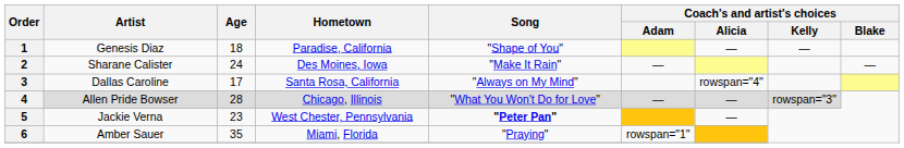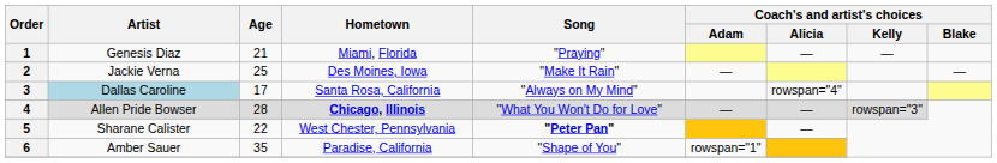 <table class="wikitable" style="text-align:center; line-height:17px; width:100%;">
 <tr>
 <th scope="col" rowspan="2" style="width:04%;">Order</th>
 <th scope="col" rowspan="2" style="width:18%;">Artist</th>
 <th scope="col" rowspan="2" style="width:04%;">Age</th>
 <th scope="col" rowspan="2" style="width:18%;">Hometown</th>
 <th scope="col" rowspan="2" style="width:20%;">Song</th>
 <th scope="col" colspan="4" style="width:24%;">Coach's and artist's choices</th>
 </tr>
 <tr>
 <th style="width:06%;">Adam</th>
 <th style="width:06%;">Alicia</th>
 <th style="width:06%;">Kelly</th>
 <th style="width:06%;">Blake</th>
 </tr>
 <tr>
 <th>1</th>
 <td>Genesis Diaz</td>
-<td>18</td>
-<td><a href='#'>Paradise, California</a></td>
-<td>"<a href='#'>Shape of You</a>"</td>
+<td>21</td>
+<td><a href='#'>Miami</a>, <a href='#'>Florida</a></td>
+<td>"<a href='#'>Praying</a>"</td>
 <td style="background:#fdfc8f;"><strong></strong></td>
 <td>—</td>
 <td>—</td>
 <td><strong></strong></td>
 </tr>
 <tr>
 <th>2</th>
-<td>Sharane Calister</td>
-<td>24</td>
+<td>Jackie Verna</td>
+<td>25</td>
 <td><a href='#'>Des Moines, Iowa</a></td>
 <td>"<a href='#'>Make It Rain</a>"</td>
 <td>—</td>
 <td style="background:#fdfc8f;"><strong></strong></td>
 <td><strong></strong></td>
 <td>—</td>
 </tr>
 <tr>
 <th>3</th>
-<td>Dallas Caroline</td>
+<td style="background: lightblue;">Dallas Caroline</td>
 <td>17</td>
 <td><a href='#'>Santa Rosa, California</a></td>
 <td>"<a href='#'>Always on My Mind</a>"</td>
 <td><strong></strong></td>
 <td>rowspan="4" </td>
 <td><strong></strong></td>
 <td style="background:#fdfc8f;"><strong></strong></td>
 </tr>
 <tr style="background:#DCDCDC;">
 <th>4</th>
 <td>Allen Pride Bowser</td>
 <td>28</td>
-<td><a href='#'>Chicago</a>, <a href='#'>Illinois</a></td>
+<td><strong><a href='#'>Chicago</a>, <a href='#'>Illinois</a></strong></td>
 <td>"<a href='#'>What You Won't Do for Love</a>"</td>
 <td>—</td>
 <td>—</td>
 <td>rowspan="3" </td>
 </tr>
 <tr>
 <th>5</th>
-<td>Jackie Verna</td>
-<td>23</td>
+<td>Sharane Calister</td>
+<td>22</td>
 <td><a href='#'>West Chester, Pennsylvania</a></td>
 <td><strong>"<a href='#'>Peter Pan</a>"</strong></td>
 <td style="background:#FFC40C;"><strong></strong></td>
 <td>—</td>
 </tr>
 <tr>
 <th>6</th>
 <td>Amber Sauer</td>
 <td>35</td>
-<td><a href='#'>Miami</a>, <a href='#'>Florida</a></td>
-<td>"<a href='#'>Praying</a>"</td>
+<td><a href='#'>Paradise, California</a></td>
+<td>"<a href='#'>Shape of You</a>"</td>
 <td>rowspan="1" </td>
 <td style="background:#FFC40C;"><strong></strong></td>
 </tr>
 <tr>
 </tr>
 </table>
